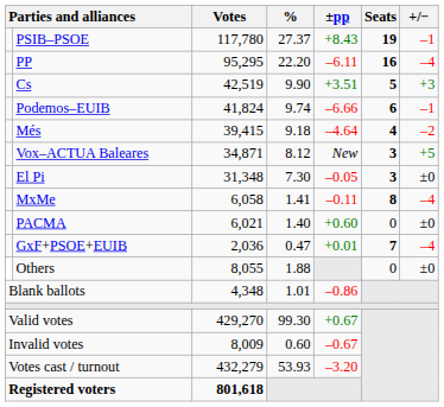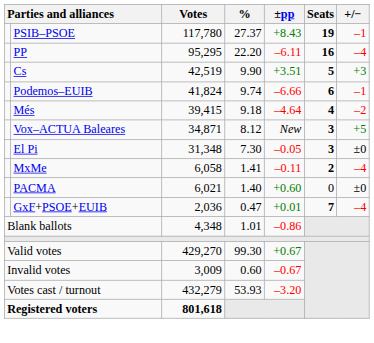 <table class="wikitable" style="text-align:right;">
 <tr>
 <th style="text-align:left;" colspan="2" width="200">Parties and alliances</th>
 <th width="75">Votes</th>
 <th width="45">%</th>
 <th width="45">±<a href='#'>pp</a></th>
 <th width="35">Seats</th>
 <th width="35">+/−</th>
 </tr>
 <tr>
 <td width="1" style="color:inherit;background:"></td>
 <td align="left"><a href='#'>PSIB–PSOE</a></td>
 <td>117,780</td>
 <td>27.37</td>
 <td style="color:green;">+8.43</td>
 <td><strong>19</strong></td>
 <td style="color:red;">–1</td>
 </tr>
 <tr>
 <td style="color:inherit;background:"></td>
 <td align="left"><a href='#'>PP</a></td>
 <td>95,295</td>
 <td>22.20</td>
 <td style="color:red;">–6.11</td>
 <td><strong>16</strong></td>
 <td style="color:red;">–4</td>
 </tr>
 <tr>
 <td style="color:inherit;background:"></td>
 <td align="left"><a href='#'>Cs</a></td>
 <td>42,519</td>
 <td>9.90</td>
 <td style="color:green;">+3.51</td>
 <td><strong>5</strong></td>
 <td style="color:green;">+3</td>
 </tr>
 <tr>
 <td style="color:inherit;background:"></td>
 <td align="left"><a href='#'>Podemos–EUIB</a></td>
 <td>41,824</td>
 <td>9.74</td>
 <td style="color:red;">–6.66</td>
 <td><strong>6</strong></td>
 <td style="color:red;">–1</td>
 </tr>
 <tr>
 <td style="color:inherit;background:"></td>
 <td align="left"><a href='#'>Més</a></td>
 <td>39,415</td>
 <td>9.18</td>
 <td style="color:red;">–4.64</td>
 <td><strong>4</strong></td>
 <td style="color:red;">–2</td>
 </tr>
 <tr>
 <td style="color:inherit;background:"></td>
 <td align="left"><a href='#'>Vox–ACTUA Baleares</a></td>
 <td>34,871</td>
 <td>8.12</td>
 <td><em>New</em></td>
 <td><strong>3</strong></td>
 <td style="color:green;">+5</td>
 </tr>
 <tr>
 <td style="color:inherit;background:"></td>
 <td align="left"><a href='#'>El Pi</a></td>
 <td>31,348</td>
 <td>7.30</td>
 <td style="color:red;">–0.05</td>
 <td><strong>3</strong></td>
 <td>±0</td>
 </tr>
 <tr>
 <td style="color:inherit;background:"></td>
 <td align="left"><a href='#'>MxMe</a></td>
 <td>6,058</td>
 <td>1.41</td>
 <td style="color:red;">–0.11</td>
-<td><strong>8</strong></td>
+<td><strong>2</strong></td>
 <td style="color:red;">–4</td>
 </tr>
 <tr>
 <td style="color:inherit;background:"></td>
 <td align="left"><a href='#'>PACMA</a></td>
 <td>6,021</td>
 <td>1.40</td>
 <td style="color:green;">+0.60</td>
 <td>0</td>
 <td>±0</td>
 </tr>
 <tr>
 <td style="color:inherit;background:"></td>
 <td align="left"><a href='#'>GxF</a>+<a href='#'>PSOE</a>+<a href='#'>EUIB</a></td>
 <td>2,036</td>
 <td>0.47</td>
 <td style="color:green;">+0.01</td>
 <td><strong>7</strong></td>
 <td style="color:red;">–4</td>
 </tr>
 <tr>
-<td bgcolor="white"></td>
-<td align="left">Others</td>
-<td>8,055</td>
-<td>1.88</td>
-<td bgcolor="#E9E9E9"></td>
-<td>0</td>
-<td>±0</td>
-</tr>
-<tr>
 <td align="left" colspan="2">Blank ballots</td>
 <td>4,348</td>
 <td>1.01</td>
 <td style="color:red;">–0.86</td>
 <td bgcolor="#E9E9E9" colspan="2"></td>
 </tr>
 <tr>
 <td colspan="7" bgcolor="#E9E9E9"></td>
 </tr>
 <tr>
 <td align="left" colspan="2">Valid votes</td>
 <td>429,270</td>
 <td>99.30</td>
 <td style="color:green;">+0.67</td>
 <td bgcolor="#E9E9E9" colspan="2" rowspan="4"></td>
 </tr>
 <tr>
 <td align="left" colspan="2">Invalid votes</td>
-<td>8,009</td>
+<td>3,009</td>
 <td>0.60</td>
 <td style="color:red;">–0.67</td>
 </tr>
 <tr>
 <td align="left" colspan="2">Votes cast / turnout</td>
 <td>432,279</td>
 <td>53.93</td>
 <td style="color:red;">–3.20</td>
 </tr>
 <tr style="font-weight:bold;">
 <td align="left" colspan="2">Registered voters</td>
 <td>801,618</td>
 <td bgcolor="#E9E9E9" colspan="2"></td>
 </tr>
 </table>
